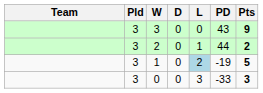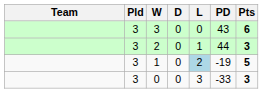 <table class="wikitable" style="text-align:center;">
 <tr>
 <th width=175>Team</th>
 <th width=25 abbr="Played">Pld</th>
 <th width=25 abbr="Won">W</th>
 <th width=25 abbr="Drawn">D</th>
 <th width=25 abbr="Lost">L</th>
 <th width=32 abbr="Points difference">PD</th>
 <th width=25 abbr="Points">Pts</th>
 </tr>
 <tr style="background:#cfc;">
 <td align=left></td>
 <td>3</td>
 <td>3</td>
 <td>0</td>
 <td>0</td>
 <td>43</td>
-<td><strong>9</strong></td>
+<td><strong>6</strong></td>
 </tr>
 <tr style="background:#cfc;">
 <td align=left></td>
 <td>3</td>
 <td>2</td>
 <td>0</td>
 <td>1</td>
 <td>44</td>
-<td><strong>2</strong></td>
+<td><strong>3</strong></td>
 </tr>
 <tr>
 <td align=left></td>
 <td>3</td>
 <td>1</td>
 <td>0</td>
 <td style="background: lightblue;">2</td>
 <td>-19</td>
 <td><strong>5</strong></td>
 </tr>
 <tr>
 <td align=left></td>
 <td>3</td>
 <td>0</td>
 <td>0</td>
 <td>3</td>
 <td>-33</td>
 <td><strong>3</strong></td>
 </tr>
 </table>
